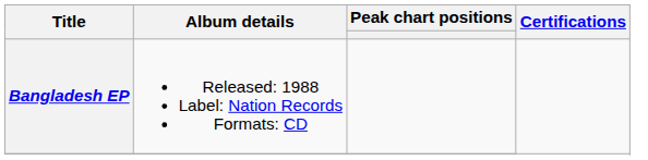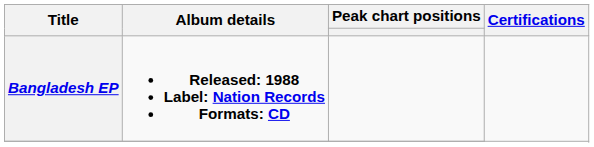 <table class="wikitable plainrowheaders" style="text-align:center;">
 <tr>
 <th scope="col" rowspan="2">Title</th>
 <th scope="col" rowspan="2">Album details</th>
 <th scope="col">Peak chart positions</th>
 <th scope="col" rowspan="2"><a href='#'>Certifications</a></th>
 </tr>
 <tr>
 <th></th>
 </tr>
 <tr>
 <th scope="row"><em><a href='#'>Bangladesh EP</a></em></th>
-<td><br><ul><li>Released: 1988</li><li>Label: <a href='#'>Nation Records</a></li><li>Formats: <a href='#'>CD</a></li></ul></td>
+<td><strong><br><ul><li>Released: 1988</li><li>Label: <a href='#'>Nation Records</a></li><li>Formats: <a href='#'>CD</a></li></ul></strong></td>
 <td></td>
 </tr>
 <tr>
 </tr>
 </table>
